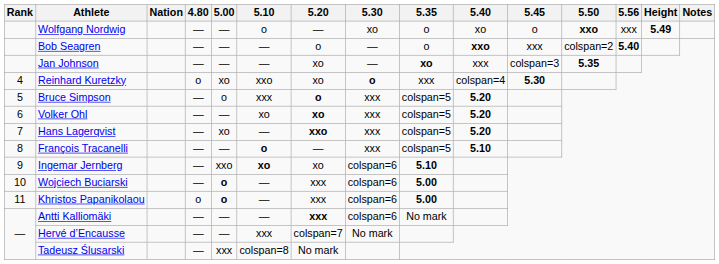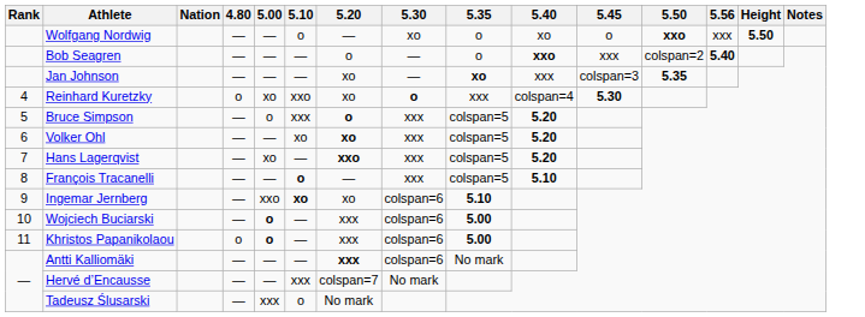 <table class="wikitable sortable" style="text-align:center">
 <tr>
 <th>Rank</th>
 <th>Athlete</th>
 <th>Nation</th>
 <th>4.80</th>
 <th>5.00</th>
 <th>5.10</th>
 <th>5.20</th>
 <th>5.30</th>
 <th>5.35</th>
 <th>5.40</th>
 <th>5.45</th>
 <th>5.50</th>
 <th>5.56</th>
 <th>Height</th>
 <th>Notes</th>
 </tr>
 <tr>
 <td></td>
 <td align=left><a href='#'>Wolfgang Nordwig</a></td>
 <td align=left></td>
 <td>—</td>
 <td>—</td>
 <td>o</td>
 <td>—</td>
 <td>xo</td>
 <td>o</td>
 <td>xo</td>
 <td>o</td>
 <td><strong>xxo</strong></td>
 <td>xxx</td>
-<td><strong>5.49</strong></td>
+<td><strong>5.50</strong></td>
 <td></td>
 </tr>
 <tr>
 <td></td>
 <td align=left><a href='#'>Bob Seagren</a></td>
 <td align=left></td>
 <td>—</td>
 <td>—</td>
 <td>—</td>
 <td>o</td>
 <td>—</td>
 <td>o</td>
 <td><strong>xxo</strong></td>
 <td>xxx</td>
 <td>colspan=2 </td>
 <td><strong>5.40</strong></td>
 <td></td>
 </tr>
 <tr>
 <td></td>
 <td align=left><a href='#'>Jan Johnson</a></td>
 <td align=left></td>
 <td>—</td>
 <td>—</td>
 <td>—</td>
 <td>xo</td>
 <td>—</td>
 <td><strong>xo</strong></td>
 <td>xxx</td>
 <td>colspan=3 </td>
 <td><strong>5.35</strong></td>
 <td></td>
 </tr>
 <tr>
 <td>4</td>
 <td align=left><a href='#'>Reinhard Kuretzky</a></td>
 <td align=left></td>
 <td>o</td>
 <td>xo</td>
 <td>xxo</td>
 <td>xo</td>
 <td><strong>o</strong></td>
 <td>xxx</td>
 <td>colspan=4 </td>
 <td><strong>5.30</strong></td>
 <td></td>
 </tr>
 <tr>
 <td>5</td>
 <td align=left><a href='#'>Bruce Simpson</a></td>
 <td align=left></td>
 <td>—</td>
 <td>o</td>
 <td>xxx</td>
 <td><strong>o</strong></td>
 <td>xxx</td>
 <td>colspan=5 </td>
 <td><strong>5.20</strong></td>
 <td></td>
 </tr>
 <tr>
 <td>6</td>
 <td align=left><a href='#'>Volker Ohl</a></td>
 <td align=left></td>
 <td>—</td>
 <td>—</td>
 <td>xo</td>
 <td><strong>xo</strong></td>
 <td>xxx</td>
 <td>colspan=5 </td>
 <td><strong>5.20</strong></td>
 <td></td>
 </tr>
 <tr>
 <td>7</td>
 <td align=left><a href='#'>Hans Lagerqvist</a></td>
 <td align=left></td>
 <td>—</td>
 <td>xo</td>
 <td>—</td>
 <td><strong>xxo</strong></td>
 <td>xxx</td>
 <td>colspan=5 </td>
 <td><strong>5.20</strong></td>
 <td></td>
 </tr>
 <tr>
 <td>8</td>
 <td align=left><a href='#'>François Tracanelli</a></td>
 <td align=left></td>
 <td>—</td>
 <td>—</td>
 <td><strong>o</strong></td>
 <td>—</td>
 <td>xxx</td>
 <td>colspan=5 </td>
 <td><strong>5.10</strong></td>
 <td></td>
 </tr>
 <tr>
 <td>9</td>
 <td align=left><a href='#'>Ingemar Jernberg</a></td>
 <td align=left></td>
 <td>—</td>
 <td>xxo</td>
 <td><strong>xo</strong></td>
 <td>xo</td>
 <td>colspan=6 </td>
 <td><strong>5.10</strong></td>
 <td></td>
 </tr>
 <tr>
 <td>10</td>
 <td align=left><a href='#'>Wojciech Buciarski</a></td>
 <td align=left></td>
 <td>—</td>
 <td><strong>o</strong></td>
 <td>—</td>
 <td>xxx</td>
 <td>colspan=6 </td>
 <td><strong>5.00</strong></td>
 <td></td>
 </tr>
 <tr>
 <td>11</td>
 <td align=left><a href='#'>Khristos Papanikolaou</a></td>
 <td align=left></td>
 <td>o</td>
 <td><strong>o</strong></td>
 <td>—</td>
 <td>xxx</td>
 <td>colspan=6 </td>
 <td><strong>5.00</strong></td>
 <td></td>
 </tr>
 <tr>
 <td rowspan=3 data-sort-value=12>—</td>
 <td align=left><a href='#'>Antti Kalliomäki</a></td>
 <td align=left></td>
 <td>—</td>
 <td>—</td>
 <td>—</td>
 <td><strong>xxx</strong></td>
 <td>colspan=6 </td>
 <td data-sort-value=1.00>No mark</td>
 <td></td>
 </tr>
 <tr>
 <td align=left><a href='#'>Hervé d’Encausse</a></td>
 <td align=left></td>
 <td>—</td>
 <td>—</td>
 <td>xxx</td>
 <td>colspan=7 </td>
 <td data-sort-value=1.00>No mark</td>
 <td></td>
 </tr>
 <tr>
 <td align=left><a href='#'>Tadeusz Ślusarski</a></td>
 <td align=left></td>
 <td>—</td>
 <td>xxx</td>
-<td>colspan=8 </td>
+<td>o</td>
 <td data-sort-value=1.00>No mark</td>
 <td></td>
 </tr>
 </table>
